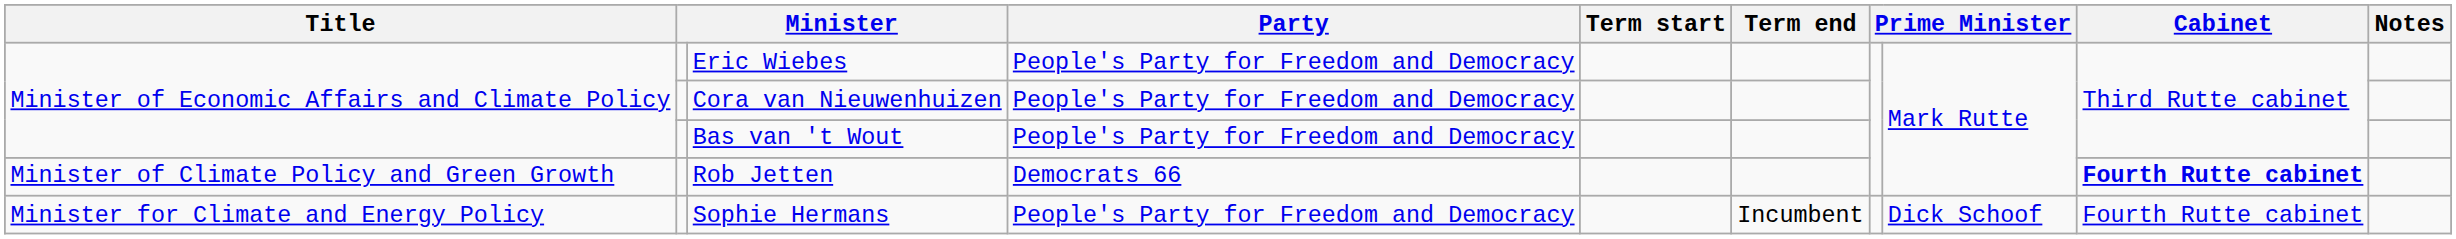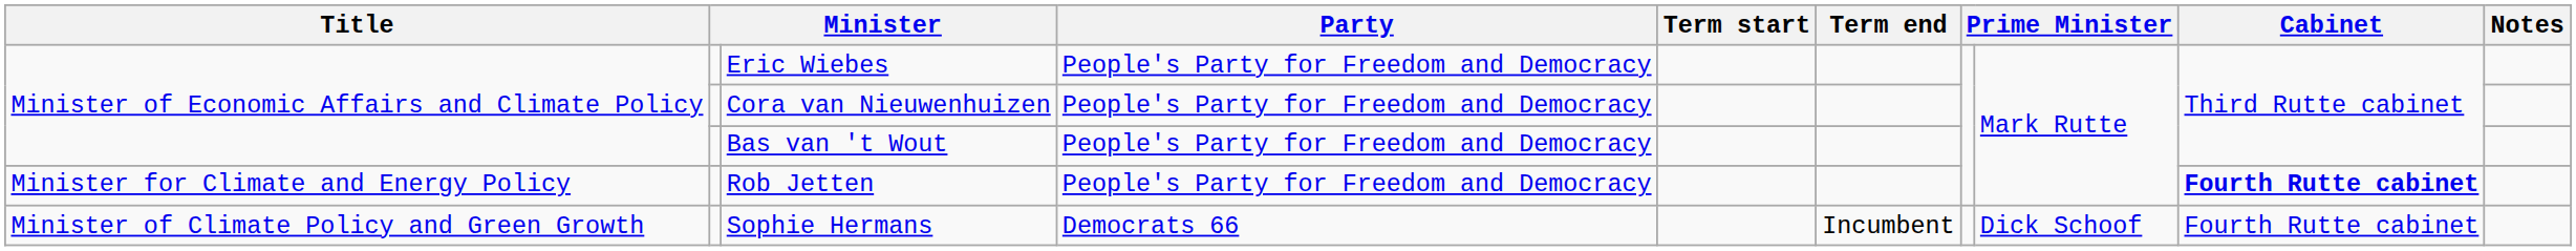 <table class="wikitable sortable">
 <tr>
 <th>Title</th>
 <th colspan=2><a href='#'>Minister</a></th>
 <th><a href='#'>Party</a></th>
 <th>Term start</th>
 <th>Term end</th>
 <th colspan=2><a href='#'>Prime Minister</a></th>
 <th><a href='#'>Cabinet</a></th>
 <th class="unsortable">Notes</th>
 </tr>
 <tr>
 <td rowspan=3><a href='#'>Minister of Economic Affairs and Climate Policy</a></td>
 <td style="color:inherit;background:"></td>
 <td><a href='#'>Eric Wiebes</a></td>
 <td><a href='#'>People's Party for Freedom and Democracy</a></td>
 <td></td>
 <td></td>
 <td rowspan=4 bgcolor=></td>
 <td rowspan=4><a href='#'>Mark Rutte</a></td>
 <td rowspan=3><a href='#'>Third Rutte cabinet</a></td>
 <td></td>
 </tr>
 <tr>
 <td style="color:inherit;background:"></td>
 <td><a href='#'>Cora van Nieuwenhuizen</a></td>
 <td><a href='#'>People's Party for Freedom and Democracy</a></td>
 <td></td>
 <td></td>
 <td></td>
 </tr>
 <tr>
 <td style="color:inherit;background:"></td>
 <td><a href='#'>Bas van 't Wout</a></td>
 <td><a href='#'>People's Party for Freedom and Democracy</a></td>
 <td></td>
 <td></td>
 <td></td>
 </tr>
 <tr>
-<td><a href='#'>Minister of Climate Policy and Green Growth</a></td>
+<td><a href='#'>Minister for Climate and Energy Policy</a></td>
 <td style="color:inherit;background:"></td>
 <td><a href='#'>Rob Jetten</a></td>
-<td><a href='#'>Democrats 66</a></td>
+<td><a href='#'>People's Party for Freedom and Democracy</a></td>
 <td></td>
 <td></td>
 <td><strong><a href='#'>Fourth Rutte cabinet</a></strong></td>
 <td></td>
 </tr>
 <tr>
-<td><a href='#'>Minister for Climate and Energy Policy</a></td>
+<td><a href='#'>Minister of Climate Policy and Green Growth</a></td>
 <td style="color:inherit;background:"></td>
 <td><a href='#'>Sophie Hermans</a></td>
-<td><a href='#'>People's Party for Freedom and Democracy</a></td>
+<td><a href='#'>Democrats 66</a></td>
 <td></td>
 <td>Incumbent</td>
 <td style="color:inherit;background:"></td>
 <td><a href='#'>Dick Schoof</a></td>
 <td><a href='#'>Fourth Rutte cabinet</a></td>
 <td></td>
 </tr>
 </table>
